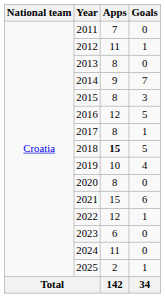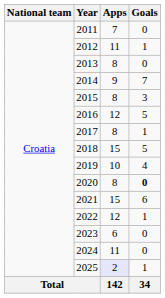 <table class="wikitable" style="text-align:center">
 <tr>
 <th>National team</th>
 <th>Year</th>
 <th>Apps</th>
 <th>Goals</th>
 </tr>
 <tr>
 <td rowspan="15"><a href='#'>Croatia</a></td>
 <td>2011</td>
 <td>7</td>
 <td>0</td>
 </tr>
 <tr>
 <td>2012</td>
 <td>11</td>
 <td>1</td>
 </tr>
 <tr>
 <td>2013</td>
 <td>8</td>
 <td>0</td>
 </tr>
 <tr>
 <td>2014</td>
 <td>9</td>
 <td>7</td>
 </tr>
 <tr>
 <td>2015</td>
 <td>8</td>
 <td>3</td>
 </tr>
 <tr>
 <td>2016</td>
 <td>12</td>
 <td>5</td>
 </tr>
 <tr>
 <td>2017</td>
 <td>8</td>
 <td>1</td>
 </tr>
 <tr>
 <td>2018</td>
-<td><strong>15</strong></td>
+<td>15</td>
 <td>5</td>
 </tr>
 <tr>
 <td>2019</td>
 <td>10</td>
 <td>4</td>
 </tr>
 <tr>
 <td>2020</td>
 <td>8</td>
-<td>0</td>
+<td><strong>0</strong></td>
 </tr>
 <tr>
 <td>2021</td>
 <td>15</td>
 <td>6</td>
 </tr>
 <tr>
 <td>2022</td>
 <td>12</td>
 <td>1</td>
 </tr>
 <tr>
 <td>2023</td>
 <td>6</td>
 <td>0</td>
 </tr>
 <tr>
 <td>2024</td>
 <td>11</td>
 <td>0</td>
 </tr>
 <tr>
 <td>2025</td>
-<td>2</td>
+<td style="background: lavender;">2</td>
 <td>1</td>
 </tr>
 <tr>
 <th colspan="2">Total</th>
 <th>142</th>
 <th>34</th>
 </tr>
 </table>
